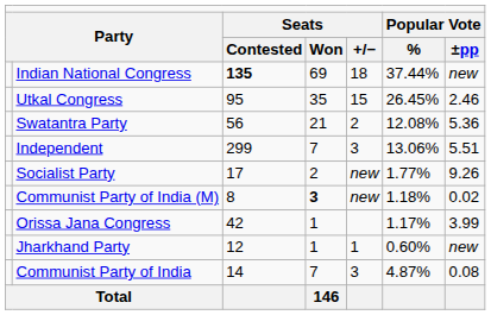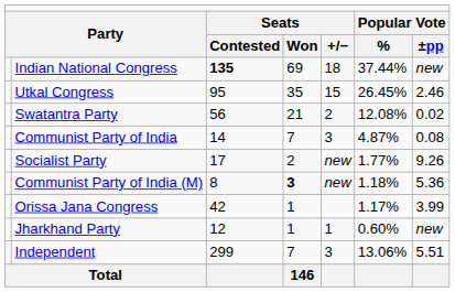 <table class="wikitable">
 <tr>
 <td colspan="7"></td>
 </tr>
 <tr>
 <th colspan="2" rowspan="2">Party</th>
 <th colspan="3">Seats</th>
 <th colspan="2">Popular Vote</th>
 </tr>
 <tr>
 <th>Contested</th>
 <th>Won</th>
 <th><strong>+/−</strong></th>
 <th>%</th>
 <th>±<a href='#'>pp</a></th>
 </tr>
 <tr>
 <td style="background-color: "></td>
 <td><a href='#'>Indian National Congress</a></td>
 <td><strong>135</strong></td>
 <td>69</td>
 <td>18</td>
 <td>37.44%</td>
 <td><em>new</em></td>
 </tr>
 <tr>
 <td style="background-color: "></td>
 <td><a href='#'>Utkal Congress</a></td>
 <td>95</td>
 <td>35</td>
 <td>15</td>
 <td>26.45%</td>
 <td>2.46</td>
 </tr>
 <tr>
 <td style="background-color: "></td>
 <td><a href='#'>Swatantra Party</a></td>
 <td>56</td>
 <td>21</td>
 <td>2</td>
 <td>12.08%</td>
-<td>5.36</td>
+<td>0.02</td>
 </tr>
 <tr>
 <td style="background-color: "></td>
-<td><a href='#'>Independent</a></td>
-<td>299</td>
+<td><a href='#'>Communist Party of India</a></td>
+<td>14</td>
 <td>7</td>
 <td>3</td>
-<td>13.06%</td>
-<td>5.51</td>
+<td>4.87%</td>
+<td>0.08</td>
 </tr>
 <tr>
 <td style="background-color: "></td>
 <td><a href='#'>Socialist Party</a></td>
 <td>17</td>
 <td>2</td>
 <td><em>new</em></td>
 <td>1.77%</td>
 <td>9.26</td>
 </tr>
 <tr>
 <td style="background-color: "></td>
 <td><a href='#'>Communist Party of India (M)</a></td>
 <td>8</td>
 <td><strong>3</strong></td>
 <td><em>new</em></td>
 <td>1.18%</td>
-<td>0.02</td>
+<td>5.36</td>
 </tr>
 <tr>
 <td style="background-color: "></td>
 <td><a href='#'>Orissa Jana Congress</a></td>
 <td>42</td>
 <td>1</td>
 <td></td>
 <td>1.17%</td>
 <td>3.99</td>
 </tr>
 <tr>
 <td style="background-color: "></td>
 <td><a href='#'>Jharkhand Party</a></td>
 <td>12</td>
 <td>1</td>
 <td>1</td>
 <td>0.60%</td>
 <td><em>new</em></td>
 </tr>
 <tr>
 <td style="background-color: "></td>
-<td><a href='#'>Communist Party of India</a></td>
-<td>14</td>
+<td><a href='#'>Independent</a></td>
+<td>299</td>
 <td>7</td>
 <td>3</td>
-<td>4.87%</td>
-<td>0.08</td>
+<td>13.06%</td>
+<td>5.51</td>
 </tr>
 <tr>
 <th colspan="2">Total</th>
 <th></th>
 <th>146</th>
 <th></th>
 <th></th>
 <th></th>
 </tr>
 </table>
